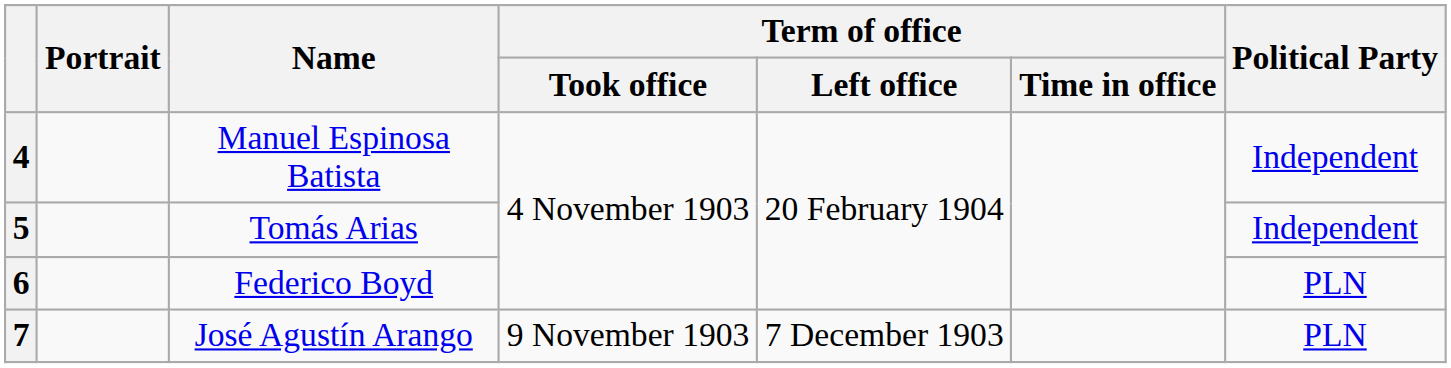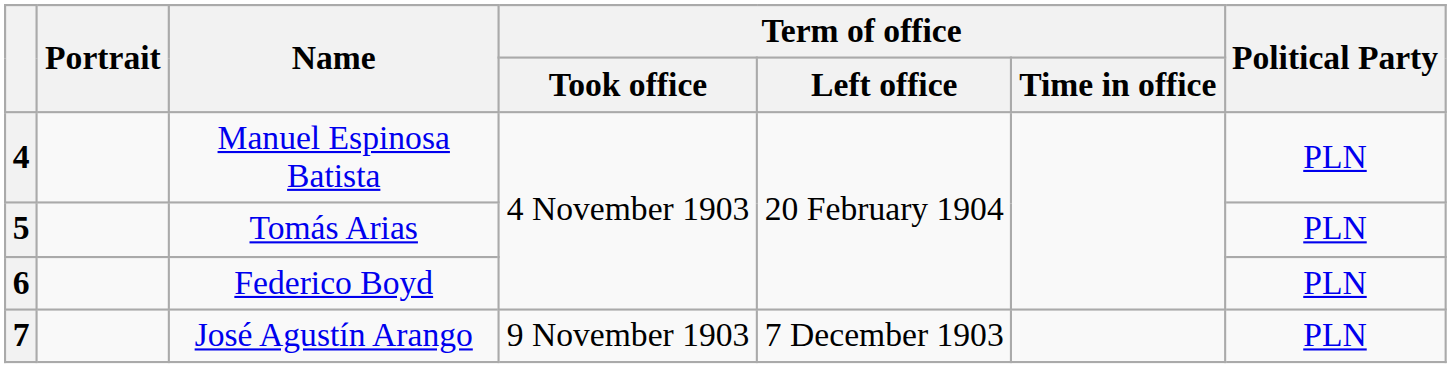 <table class="wikitable" style="text-align:center">
 <tr style="background:#cccccc">
 <th rowspan=2></th>
 <th rowspan=2>Portrait</th>
 <th width=150 rowspan=2>Name<br></th>
 <th width=100 colspan=3>Term of office</th>
 <th rowspan=2>Political Party</th>
 </tr>
 <tr>
 <th>Took office</th>
 <th>Left office</th>
 <th>Time in office</th>
 </tr>
 <tr>
 <th style="background:">4</th>
 <td></td>
 <td><a href='#'>Manuel Espinosa Batista</a><br></td>
 <td rowspan=3>4 November 1903</td>
 <td rowspan=3>20 February 1904</td>
 <td rowspan=3></td>
-<td><a href='#'>Independent</a></td>
+<td><a href='#'>PLN</a></td>
 </tr>
 <tr>
 <th style="background:">5</th>
 <td></td>
 <td><a href='#'>Tomás Arias</a><br></td>
-<td><a href='#'>Independent</a></td>
+<td><a href='#'>PLN</a></td>
 </tr>
 <tr>
 <th style="background:">6</th>
 <td></td>
 <td><a href='#'>Federico Boyd</a><br></td>
 <td><a href='#'>PLN</a></td>
 </tr>
 <tr>
 <th style="background:">7</th>
 <td></td>
 <td><a href='#'>José Agustín Arango</a><br></td>
 <td>9 November 1903</td>
 <td>7 December 1903</td>
 <td></td>
 <td><a href='#'>PLN</a></td>
 </tr>
 </table>
